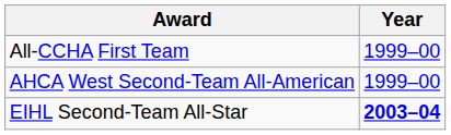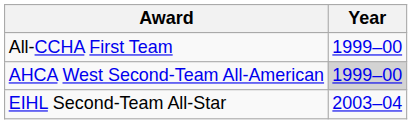 <table class="wikitable">
 <tr>
 <th>Award</th>
 <th>Year</th>
 </tr>
 <tr>
 <td>All-<a href='#'>CCHA</a> <a href='#'>First Team</a></td>
 <td><a href='#'>1999–00</a></td>
 </tr>
 <tr>
 <td><a href='#'>AHCA</a> <a href='#'>West Second-Team All-American</a></td>
-<td><a href='#'>1999–00</a></td>
+<td style="background: lightgrey;"><a href='#'>1999–00</a></td>
 </tr>
 <tr>
 <td><a href='#'>EIHL</a> Second-Team All-Star</td>
-<td><strong><a href='#'>2003–04</a></strong></td>
+<td><a href='#'>2003–04</a></td>
 </tr>
 </table>
